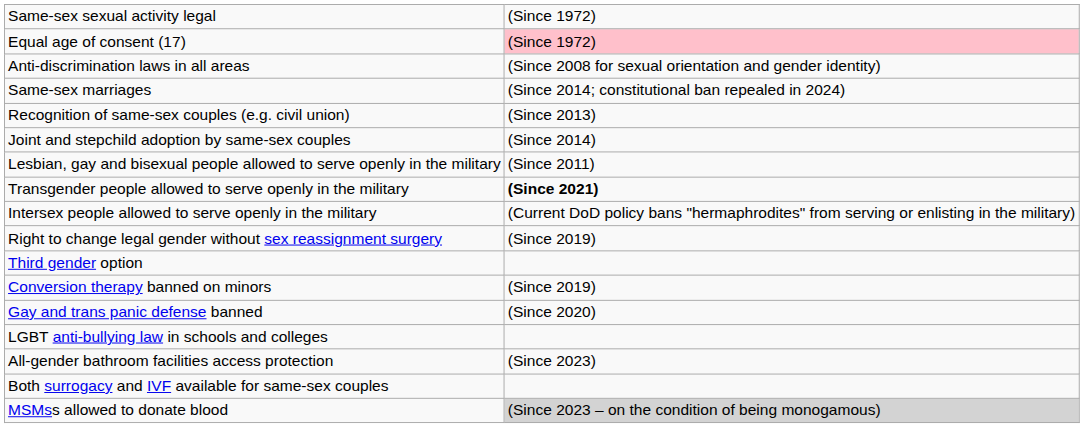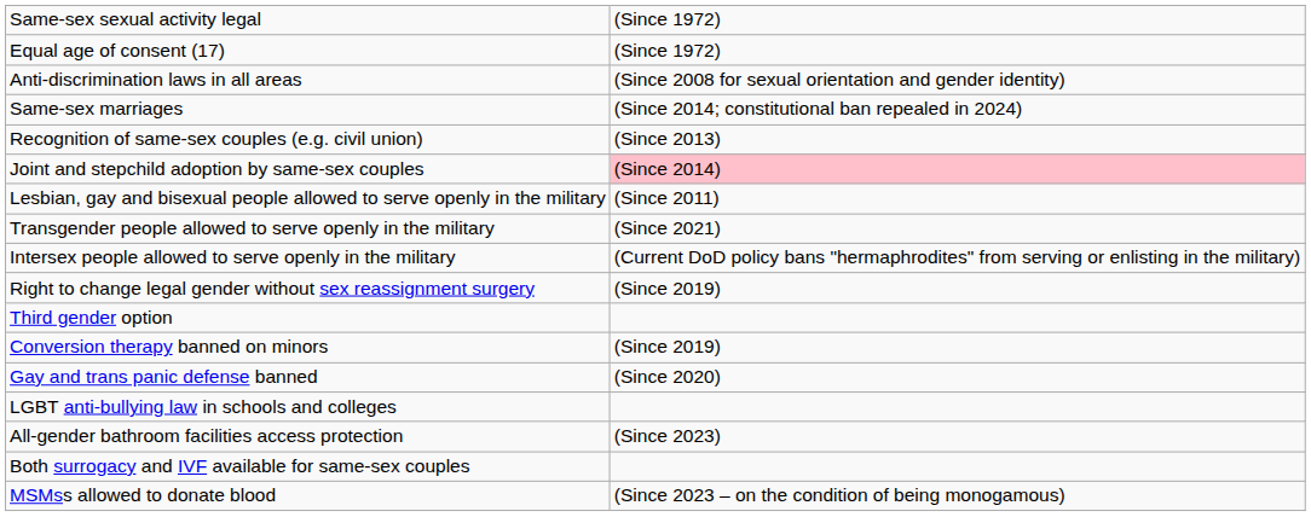 <table class="wikitable">
 <tr>
 <td>Same-sex sexual activity legal</td>
 <td> (Since 1972)</td>
 </tr>
 <tr>
 <td>Equal age of consent (17)</td>
-<td style="background: pink;"> (Since 1972)</td>
+<td> (Since 1972)</td>
 </tr>
 <tr>
 <td>Anti-discrimination laws in all areas</td>
 <td> (Since 2008 for sexual orientation and gender identity)</td>
 </tr>
 <tr>
 <td>Same-sex marriages</td>
 <td> (Since 2014; constitutional ban repealed in 2024)</td>
 </tr>
 <tr>
 <td>Recognition of same-sex couples (e.g. civil union)</td>
 <td> (Since 2013)</td>
 </tr>
 <tr>
 <td>Joint and stepchild adoption by same-sex couples</td>
-<td> (Since 2014)</td>
+<td style="background: pink;"> (Since 2014)</td>
 </tr>
 <tr>
 <td>Lesbian, gay and bisexual people allowed to serve openly in the military</td>
 <td> (Since 2011)</td>
 </tr>
 <tr>
 <td>Transgender people allowed to serve openly in the military</td>
-<td><strong> (Since 2021)</strong></td>
+<td> (Since 2021)</td>
 </tr>
 <tr>
 <td>Intersex people allowed to serve openly in the military</td>
 <td> (Current DoD policy bans "hermaphrodites" from serving or enlisting in the military)</td>
 </tr>
 <tr>
 <td>Right to change legal gender without <a href='#'>sex reassignment surgery</a></td>
 <td> (Since 2019)</td>
 </tr>
 <tr>
 <td><a href='#'>Third gender</a> option</td>
 <td></td>
 </tr>
 <tr>
 <td><a href='#'>Conversion therapy</a> banned on minors</td>
 <td> (Since 2019)</td>
 </tr>
 <tr>
 <td><a href='#'>Gay and trans panic defense</a> banned</td>
 <td> (Since 2020)</td>
 </tr>
 <tr>
 <td>LGBT <a href='#'>anti-bullying law</a> in schools and colleges</td>
 <td></td>
 </tr>
 <tr>
 <td>All-gender bathroom facilities access protection</td>
 <td> (Since 2023)</td>
 </tr>
 <tr>
 <td>Both <a href='#'>surrogacy</a> and <a href='#'>IVF</a> available for same-sex couples</td>
 <td></td>
 </tr>
 <tr>
 <td><a href='#'>MSMs</a>s allowed to donate blood</td>
-<td style="background: lightgrey;"> (Since 2023 – on the condition of being monogamous)</td>
+<td> (Since 2023 – on the condition of being monogamous)</td>
 </tr>
 </table>
